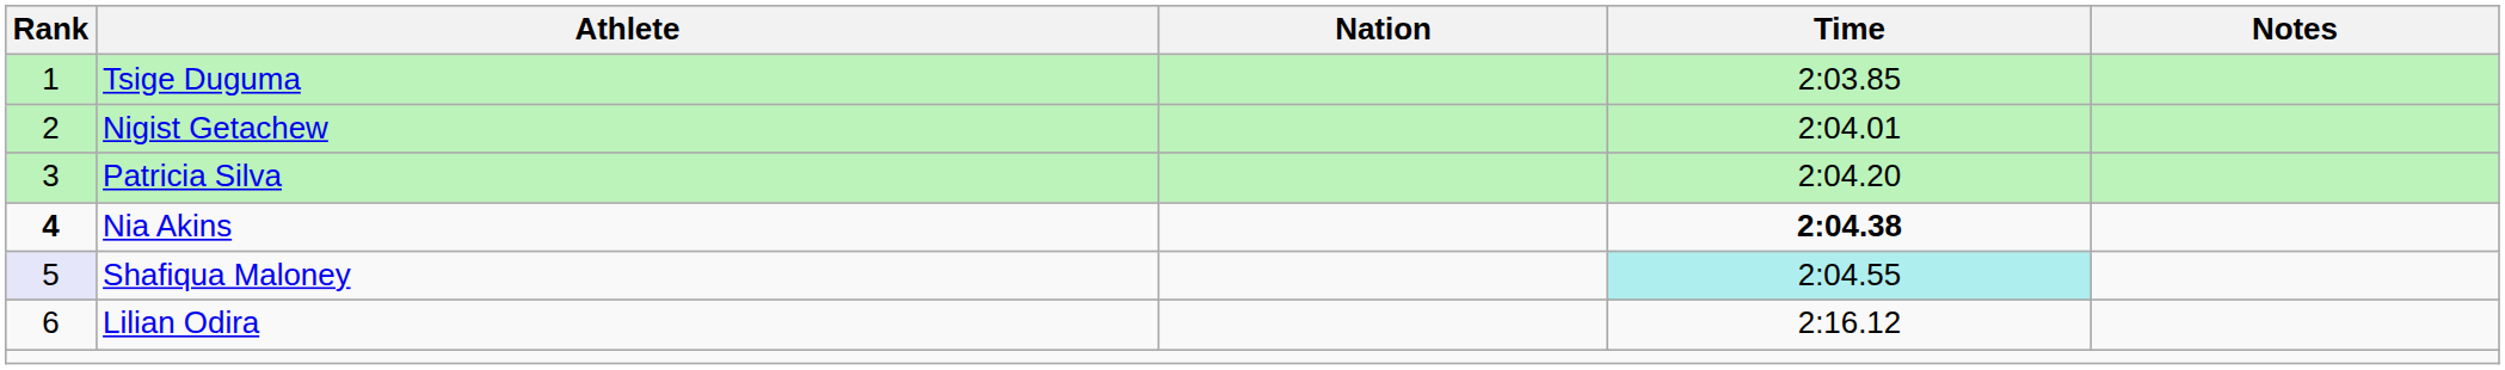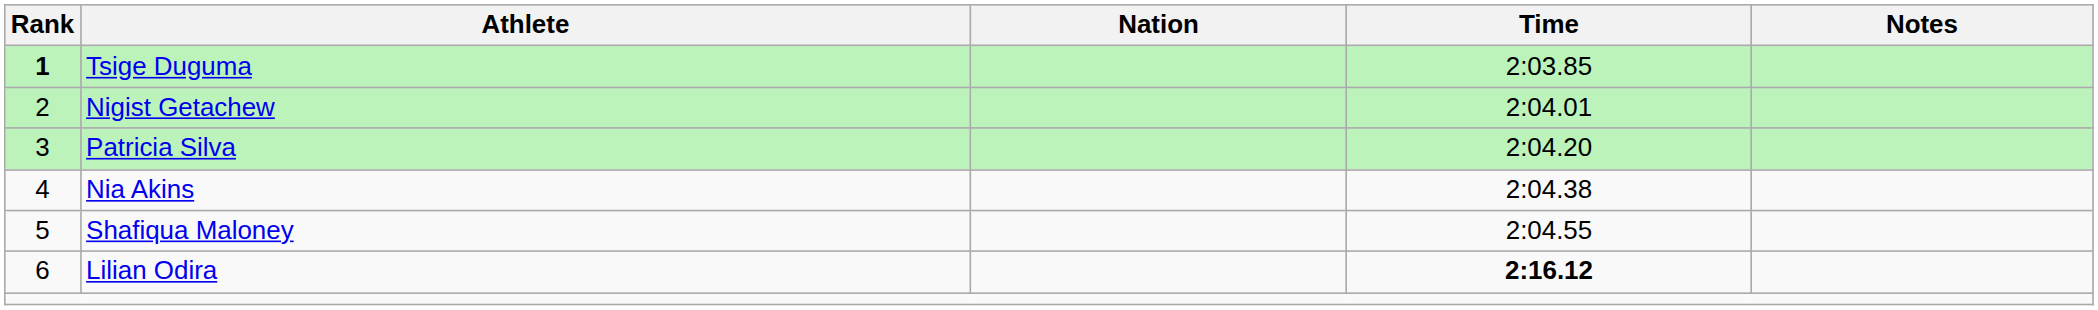 <table class="wikitable sortable" style="text-align:center;width: 65%;">
 <tr>
 <th scope="col" style="width: 10px;">Rank</th>
 <th scope="col">Athlete</th>
 <th scope="col">Nation</th>
 <th scope="col">Time</th>
 <th scope="col">Notes</th>
 </tr>
 <tr bgcolor=bbf3bb>
-<td>1</td>
+<td><strong>1</strong></td>
 <td align=left><a href='#'>Tsige Duguma</a></td>
 <td align=left></td>
 <td>2:03.85</td>
 <td></td>
 </tr>
 <tr bgcolor=bbf3bb>
 <td>2</td>
 <td align=left><a href='#'>Nigist Getachew</a></td>
 <td align=left></td>
 <td>2:04.01</td>
 <td></td>
 </tr>
 <tr bgcolor=bbf3bb>
 <td>3</td>
 <td align=left><a href='#'>Patricia Silva</a></td>
 <td align=left></td>
 <td>2:04.20</td>
 <td></td>
 </tr>
 <tr>
-<td><strong>4</strong></td>
+<td>4</td>
 <td align=left><a href='#'>Nia Akins</a></td>
 <td align=left></td>
-<td><strong>2:04.38</strong></td>
+<td>2:04.38</td>
 <td></td>
 </tr>
 <tr>
-<td style="background: lavender;">5</td>
+<td>5</td>
 <td align=left><a href='#'>Shafiqua Maloney</a></td>
 <td align=left></td>
-<td style="background: paleturquoise;">2:04.55</td>
+<td>2:04.55</td>
 <td></td>
 </tr>
 <tr>
 <td>6</td>
 <td align=left><a href='#'>Lilian Odira</a></td>
 <td align=left></td>
-<td>2:16.12</td>
+<td><strong>2:16.12</strong></td>
 <td></td>
 </tr>
 <tr class="sortbottom">
 <td colspan="5"></td>
 </tr>
 </table>
